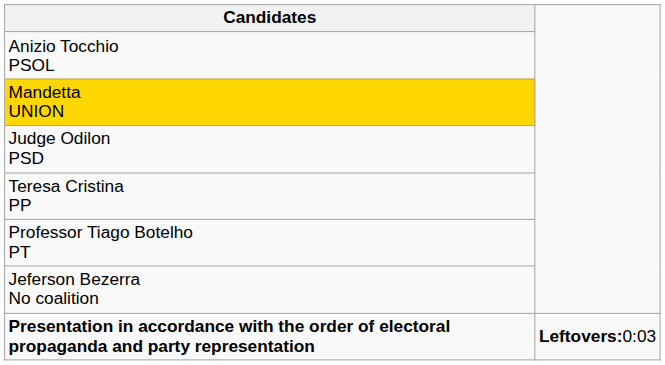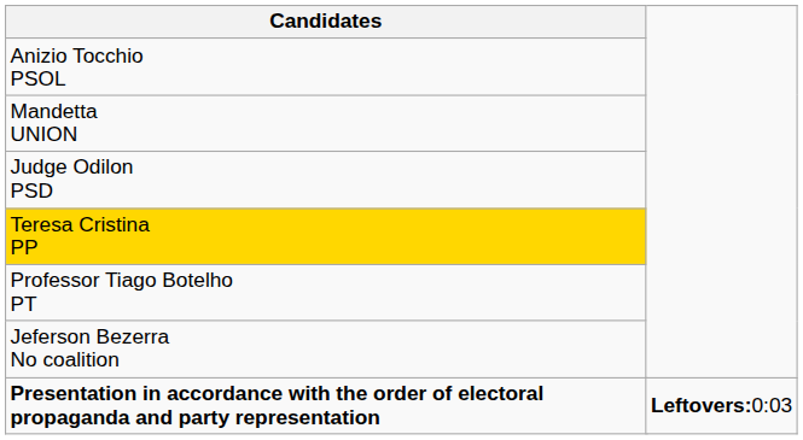 <table class="wikitable">
 <tr>
 <th>Candidates</th>
 </tr>
 <tr>
 <td>Anizio Tocchio<br>PSOL</td>
 </tr>
 <tr>
-<td style="background: gold;">Mandetta<br>UNION</td>
+<td>Mandetta<br>UNION</td>
 </tr>
 <tr>
 <td>Judge Odilon<br>PSD</td>
 </tr>
 <tr>
-<td>Teresa Cristina<br>PP</td>
+<td style="background: gold;">Teresa Cristina<br>PP</td>
 </tr>
 <tr>
 <td>Professor Tiago Botelho<br>PT</td>
 </tr>
 <tr>
 <td>Jeferson Bezerra<br>No coalition</td>
 </tr>
 <tr>
 <td colspan="6"><strong>Presentation in accordance with the order of electoral propaganda and party representation</strong></td>
 <td><strong>Leftovers:</strong>0:03</td>
 </tr>
 </table>
